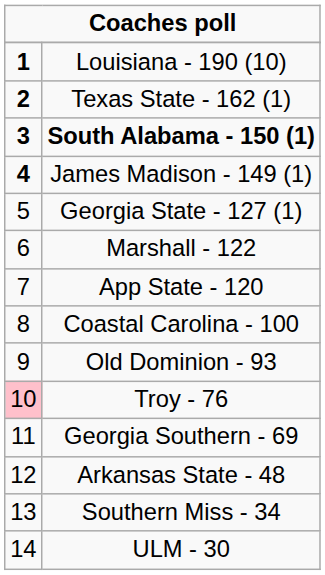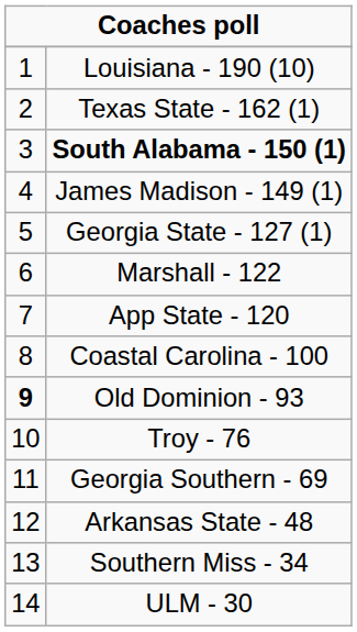 <table class="wikitable" style="display: inline-table;">
 <tr>
 <td align="center" Colspan="3"><strong>Coaches poll</strong></td>
 </tr>
 <tr align="center">
 </tr>
 <tr align="center">
-<td><strong>1</strong></td>
+<td>1</td>
 <td>Louisiana - 190 (10)</td>
 </tr>
 <tr align="center">
-<td><strong>2</strong></td>
+<td>2</td>
 <td>Texas State - 162 (1)</td>
 </tr>
 <tr align="center">
-<td><strong>3</strong></td>
+<td>3</td>
 <td><strong>South Alabama - 150 (1)</strong></td>
 </tr>
 <tr align="center">
-<td><strong>4</strong></td>
+<td>4</td>
 <td>James Madison - 149 (1)</td>
 </tr>
 <tr align="center">
 <td>5</td>
 <td>Georgia State - 127 (1)</td>
 </tr>
 <tr align="center">
 <td>6</td>
 <td>Marshall - 122</td>
 </tr>
 <tr align="center">
 <td>7</td>
 <td>App State - 120</td>
 </tr>
 <tr align="center">
 <td>8</td>
 <td>Coastal Carolina - 100</td>
 </tr>
 <tr align="center">
-<td>9</td>
+<td><strong>9</strong></td>
 <td>Old Dominion - 93</td>
 </tr>
 <tr align="center">
-<td style="background: pink;">10</td>
+<td>10</td>
 <td>Troy - 76</td>
 </tr>
 <tr align="center">
 <td>11</td>
 <td>Georgia Southern - 69</td>
 </tr>
 <tr align="center">
 <td>12</td>
 <td>Arkansas State - 48</td>
 </tr>
 <tr align="center">
 <td>13</td>
 <td>Southern Miss - 34</td>
 </tr>
 <tr align="center">
 <td>14</td>
 <td>ULM - 30</td>
 </tr>
 </table>
